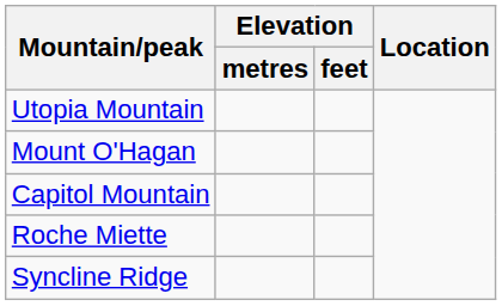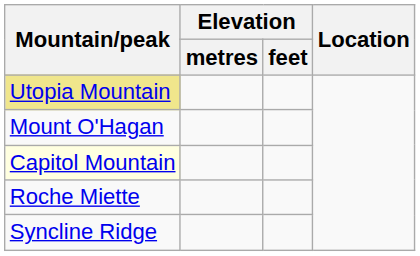 <table class=wikitable>
 <tr>
 <th rowspan=2>Mountain/peak</th>
 <th colspan=2>Elevation</th>
 <th rowspan=2>Location</th>
 </tr>
 <tr>
 <th>metres</th>
 <th>feet</th>
 </tr>
 <tr>
-<td><a href='#'>Utopia Mountain</a></td>
+<td style="background: khaki;"><a href='#'>Utopia Mountain</a></td>
 <td></td>
 <td></td>
 </tr>
 <tr>
 <td><a href='#'>Mount O'Hagan</a></td>
 <td></td>
 <td></td>
 </tr>
 <tr>
-<td><a href='#'>Capitol Mountain</a></td>
+<td style="background: lightyellow;"><a href='#'>Capitol Mountain</a></td>
 <td></td>
 <td></td>
 </tr>
 <tr>
 <td><a href='#'>Roche Miette</a></td>
 <td></td>
 <td></td>
 </tr>
 <tr>
 <td><a href='#'>Syncline Ridge</a></td>
 <td></td>
 <td></td>
 </tr>
 </table>
